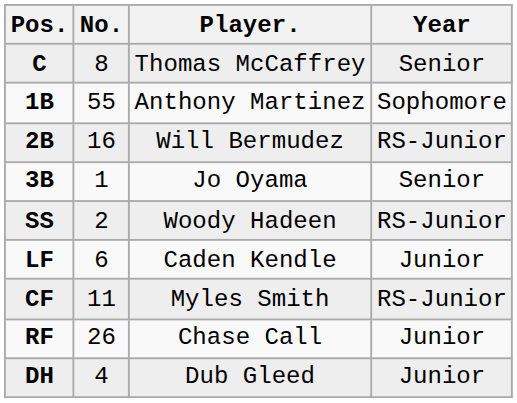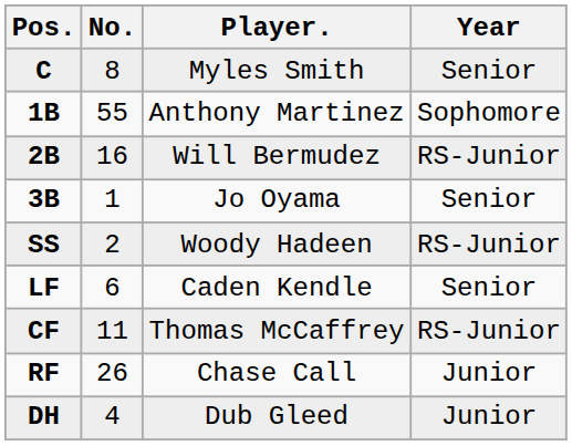 <table class="wikitable non-sortable">
 <tr>
 <th style="text-align:center; ">Pos.</th>
 <th style="text-align:center; ">No.</th>
 <th style="text-align:center; ">Player.</th>
 <th style="text-align:center; ">Year</th>
 </tr>
 <tr style="background:#eeeeee;text-align:center;">
 <td><strong>C</strong></td>
 <td>8</td>
-<td>Thomas McCaffrey</td>
+<td>Myles Smith</td>
 <td>Senior</td>
 </tr>
 <tr style="text-align:center;">
 <td><strong>1B</strong></td>
 <td>55</td>
 <td>Anthony Martinez</td>
 <td>Sophomore</td>
 </tr>
 <tr style="background:#eeeeee;text-align:center;">
 <td><strong>2B</strong></td>
 <td>16</td>
 <td>Will Bermudez</td>
 <td>RS-Junior</td>
 </tr>
 <tr style="text-align:center;">
 <td><strong>3B</strong></td>
 <td>1</td>
 <td>Jo Oyama</td>
 <td>Senior</td>
 </tr>
 <tr style="background:#eeeeee;text-align:center;">
 <td><strong>SS</strong></td>
 <td>2</td>
 <td>Woody Hadeen</td>
 <td>RS-Junior</td>
 </tr>
 <tr style="text-align:center;">
 <td><strong>LF</strong></td>
 <td>6</td>
 <td>Caden Kendle</td>
-<td>Junior</td>
+<td>Senior</td>
 </tr>
 <tr style="background:#eeeeee;text-align:center;">
 <td><strong>CF</strong></td>
 <td>11</td>
-<td>Myles Smith</td>
+<td>Thomas McCaffrey</td>
 <td>RS-Junior</td>
 </tr>
 <tr style="text-align:center;">
 <td><strong>RF</strong></td>
 <td>26</td>
 <td>Chase Call</td>
 <td>Junior</td>
 </tr>
 <tr style="background:#eeeeee;text-align:center;">
 <td><strong>DH</strong></td>
 <td>4</td>
 <td>Dub Gleed</td>
 <td>Junior</td>
 </tr>
 </table>
